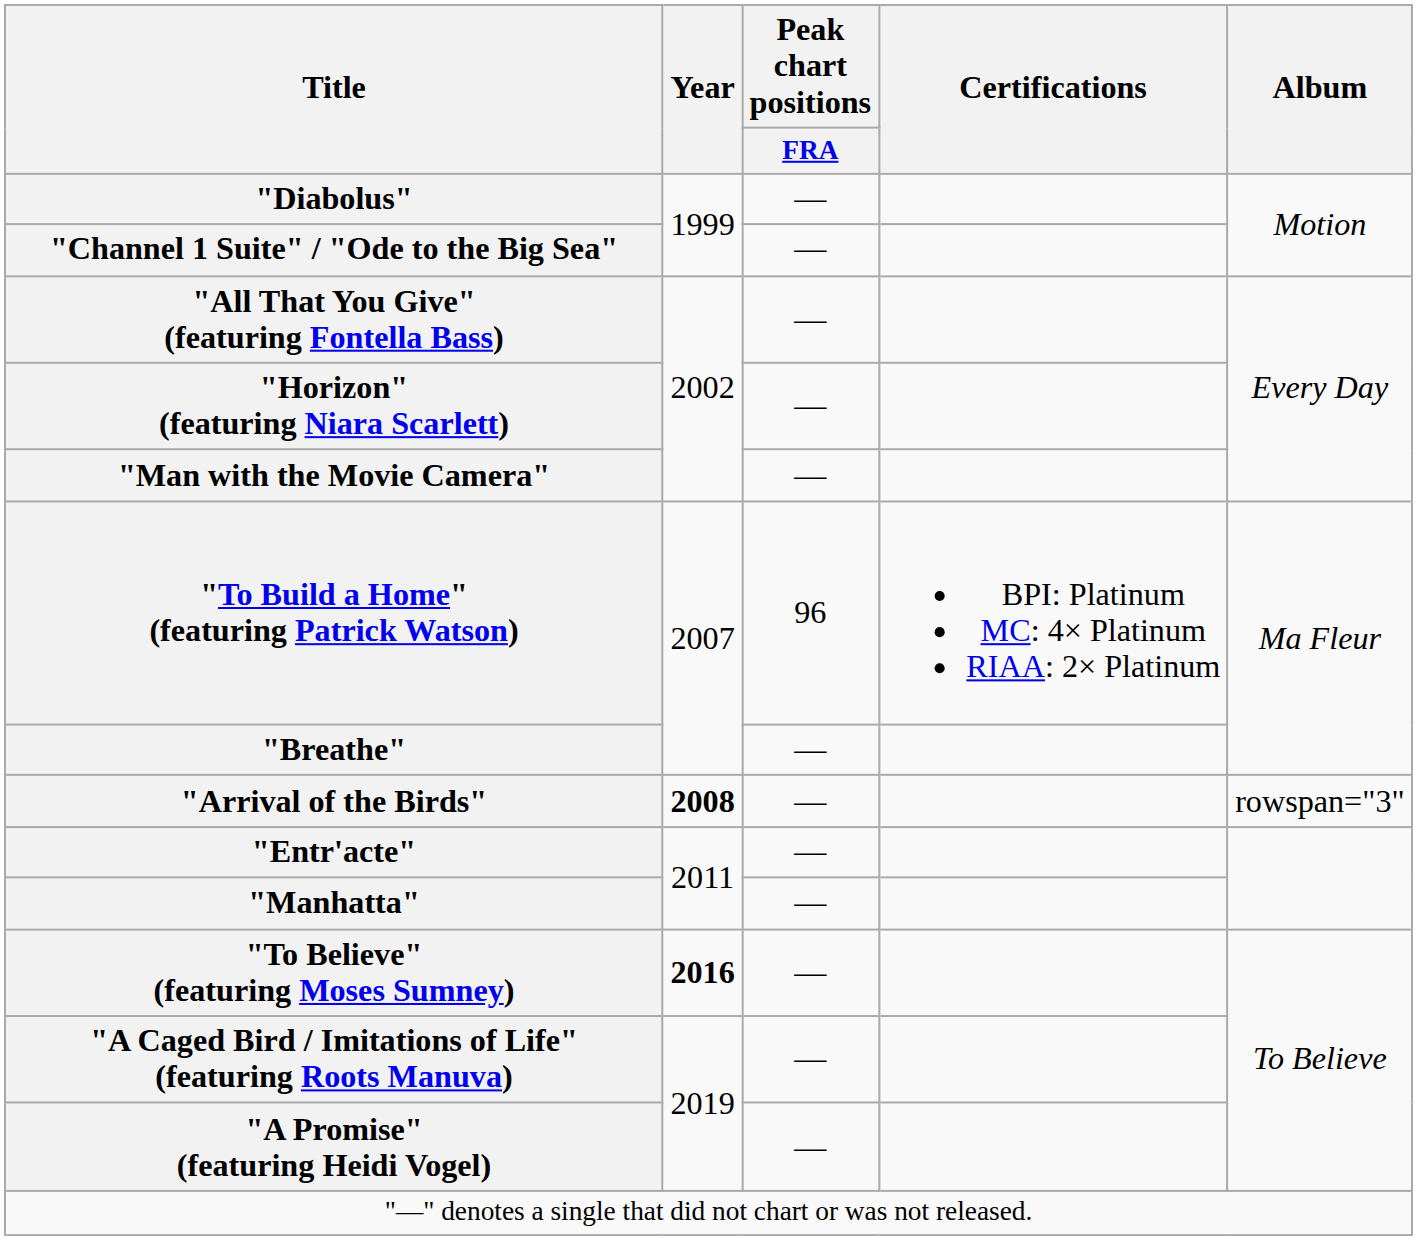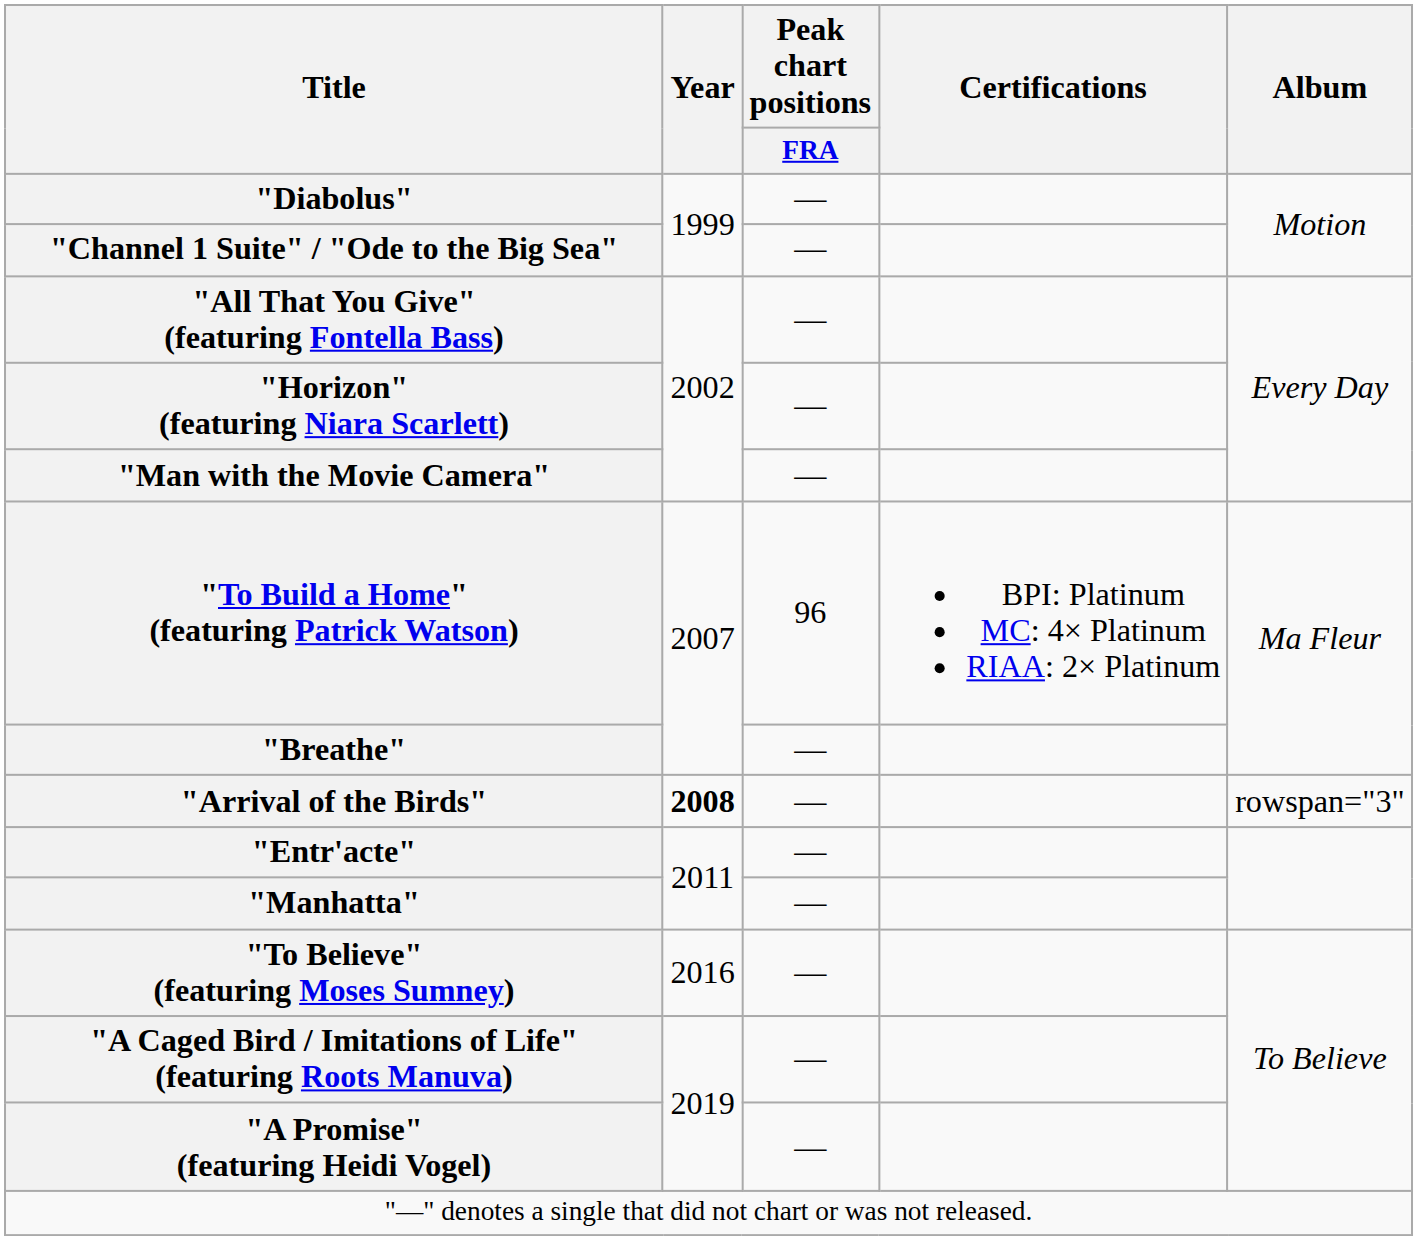 <table class="wikitable plainrowheaders" style="text-align:center;">
 <tr>
 <th scope="col" rowspan="2" style="width:20em;">Title</th>
 <th scope="col" rowspan="2" style="width:1em;">Year</th>
 <th scope="col" colspan="1">Peak chart positions</th>
 <th scope="col" rowspan="2">Certifications</th>
 <th scope="col" rowspan="2">Album</th>
 </tr>
 <tr>
 <th scope="col" style="width:3em;font-size:85%;"><a href='#'>FRA</a><br></th>
 </tr>
 <tr>
 <th scope="row">"Diabolus"</th>
 <td rowspan="2">1999</td>
 <td>—</td>
 <td></td>
 <td rowspan="2"><em>Motion</em></td>
 </tr>
 <tr>
 <th scope="row">"Channel 1 Suite" / "Ode to the Big Sea"</th>
 <td>—</td>
 <td></td>
 </tr>
 <tr>
 <th scope="row">"All That You Give"<br><span>(featuring <a href='#'>Fontella Bass</a>)</span></th>
 <td rowspan="3">2002</td>
 <td>—</td>
 <td></td>
 <td rowspan="3"><em>Every Day</em></td>
 </tr>
 <tr>
 <th scope="row">"Horizon"<br><span>(featuring <a href='#'>Niara Scarlett</a>)</span></th>
 <td>—</td>
 <td></td>
 </tr>
 <tr>
 <th scope="row">"Man with the Movie Camera"</th>
 <td>—</td>
 <td></td>
 </tr>
 <tr>
 <th scope="row">"<a href='#'>To Build a Home</a>"<br><span>(featuring <a href='#'>Patrick Watson</a>)</span></th>
 <td rowspan="2">2007</td>
 <td>96</td>
 <td><br><ul><li>BPI: Platinum</li><li><a href='#'>MC</a>: 4× Platinum</li><li><a href='#'>RIAA</a>: 2× Platinum</li></ul></td>
 <td rowspan="2"><em>Ma Fleur</em></td>
 </tr>
 <tr>
 <th scope="row">"Breathe"</th>
 <td>—</td>
 </tr>
 <tr>
 <th scope="row">"Arrival of the Birds"</th>
 <td><strong>2008</strong></td>
 <td>—</td>
 <td></td>
 <td>rowspan="3" </td>
 </tr>
 <tr>
 <th scope="row">"Entr'acte"</th>
 <td rowspan="2">2011</td>
 <td>—</td>
 <td></td>
 </tr>
 <tr>
 <th scope="row">"Manhatta"</th>
 <td>—</td>
 <td></td>
 </tr>
 <tr>
 <th scope="row">"To Believe"<br><span>(featuring <a href='#'>Moses Sumney</a>)</span></th>
-<td><strong>2016</strong></td>
+<td>2016</td>
 <td>—</td>
 <td></td>
 <td rowspan="3"><em>To Believe</em></td>
 </tr>
 <tr>
 <th scope="row">"A Caged Bird / Imitations of Life"<br><span>(featuring <a href='#'>Roots Manuva</a>)</span></th>
 <td rowspan="2">2019</td>
 <td>—</td>
 <td></td>
 </tr>
 <tr>
 <th scope="row">"A Promise"<br><span>(featuring Heidi Vogel)</span></th>
 <td>—</td>
 <td></td>
 </tr>
 <tr>
 <td colspan="20" style="font-size:85%;">"—" denotes a single that did not chart or was not released.</td>
 </tr>
 </table>
